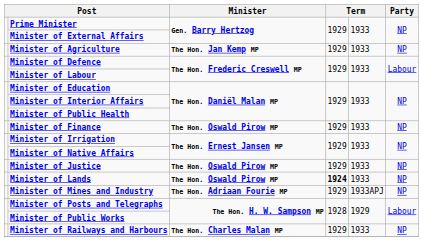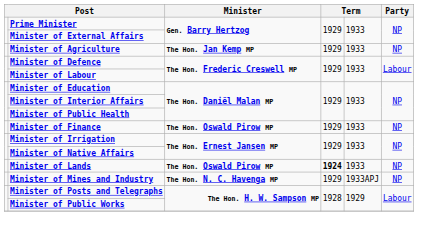 <table class="wikitable">
 <tr>
 <th colspan=2>Post</th>
 <th>Minister</th>
 <th colspan=2>Term</th>
 <th>Party</th>
 </tr>
 <tr>
 <td rowspan=2 style="background-color: "></td>
 <td><strong><a href='#'>Prime Minister</a></strong></td>
 <td rowspan=2> <strong><small>Gen.</small> <a href='#'>Barry Hertzog</a></strong></td>
 <td rowspan=2>1929</td>
 <td rowspan=2>1933</td>
 <td rowspan=2 align=center><a href='#'>NP</a></td>
 </tr>
 <tr>
 <td><strong><a href='#'>Minister of External Affairs</a></strong></td>
 </tr>
 <tr>
 <td style="background-color: "></td>
 <td><strong><a href='#'>Minister of Agriculture</a></strong></td>
 <td> <strong><small>The Hon.</small> <a href='#'>Jan Kemp</a> <small>MP</small></strong></td>
 <td>1929</td>
 <td>1933</td>
 <td align=center><a href='#'>NP</a></td>
 </tr>
 <tr>
 <td rowspan=2 style="background-color: "></td>
 <td><strong><a href='#'>Minister of Defence</a></strong></td>
 <td rowspan=2> <strong><small>The Hon.</small> <a href='#'>Frederic Creswell</a> <small>MP</small></strong></td>
 <td rowspan=2>1929</td>
 <td rowspan=2>1933</td>
 <td rowspan=2 align=center><a href='#'>Labour</a></td>
 </tr>
 <tr>
 <td><strong><a href='#'>Minister of Labour</a></strong></td>
 </tr>
 <tr>
 <td rowspan=3 style="background-color: "></td>
 <td><strong><a href='#'>Minister of Education</a></strong></td>
 <td rowspan=3> <strong><small>The Hon.</small> <a href='#'>Daniël Malan</a> <small>MP</small></strong></td>
 <td rowspan=3>1929</td>
 <td rowspan=3>1933</td>
 <td rowspan=3 align=center><a href='#'>NP</a></td>
 </tr>
 <tr>
 <td><strong><a href='#'>Minister of Interior Affairs</a></strong></td>
 </tr>
 <tr>
 <td><strong><a href='#'>Minister of Public Health</a></strong></td>
 </tr>
 <tr>
 <td style="background-color: "></td>
 <td><strong><a href='#'>Minister of Finance</a></strong></td>
 <td> <strong><small>The Hon.</small> <a href='#'>Oswald Pirow</a> <small>MP</small></strong></td>
 <td>1929</td>
 <td>1933</td>
 <td align=center><a href='#'>NP</a></td>
 </tr>
 <tr>
 <td rowspan=2 style="background-color: "></td>
 <td><strong><a href='#'>Minister of Irrigation</a></strong></td>
 <td rowspan=2> <strong><small>The Hon.</small> <a href='#'>Ernest Jansen</a> <small>MP</small></strong></td>
 <td rowspan=2>1929</td>
 <td rowspan=2>1933</td>
 <td rowspan=2 align=center><a href='#'>NP</a></td>
 </tr>
 <tr>
 <td><strong><a href='#'>Minister of Native Affairs</a></strong></td>
 </tr>
 <tr>
 <td style="background-color: "></td>
-<td><strong><a href='#'>Minister of Justice</a></strong></td>
-<td> <strong><small>The Hon.</small> <a href='#'>Oswald Pirow</a> <small>MP</small></strong></td>
-<td>1929</td>
-<td>1933</td>
-<td align=center><a href='#'>NP</a></td>
-</tr>
-<tr>
-<td style="background-color: "></td>
 <td><strong><a href='#'>Minister of Lands</a></strong></td>
 <td> <strong><small>The Hon.</small> <a href='#'>Oswald Pirow</a> <small>MP</small></strong></td>
 <td><strong>1924</strong></td>
 <td>1933</td>
 <td align=center><a href='#'>NP</a></td>
 </tr>
 <tr>
 <td style="background-color: "></td>
 <td><strong><a href='#'>Minister of Mines and Industry</a></strong></td>
-<td> <strong><small>The Hon.</small> <a href='#'>Adriaan Fourie</a> <small>MP</small></strong></td>
+<td> <strong><small>The Hon.</small> <a href='#'>N. C. Havenga</a> <small>MP</small></strong></td>
 <td>1929</td>
 <td>1933APJ</td>
 <td align=center><a href='#'>NP</a></td>
 </tr>
 <tr>
 <td rowspan=2 style="background-color: "></td>
 <td><strong><a href='#'>Minister of Posts and Telegraphs</a></strong></td>
 <td rowspan=2 style="padding-left:70px"><strong><small>The Hon.</small> <a href='#'>H. W. Sampson</a> <small>MP</small></strong></td>
 <td rowspan=2>1928</td>
 <td rowspan=2>1929</td>
 <td rowspan=2 align=center><a href='#'>Labour</a></td>
 </tr>
 <tr>
 <td><strong><a href='#'>Minister of Public Works</a></strong></td>
 </tr>
 <tr>
-<td style="background-color: "></td>
-<td><strong><a href='#'>Minister of Railways and Harbours</a></strong></td>
-<td> <strong><small>The Hon.</small> <a href='#'>Charles Malan</a> <small>MP</small></strong></td>
-<td>1929</td>
-<td>1933</td>
-<td align=center><a href='#'>NP</a></td>
-</tr>
-<tr>
 </tr>
 </table>
